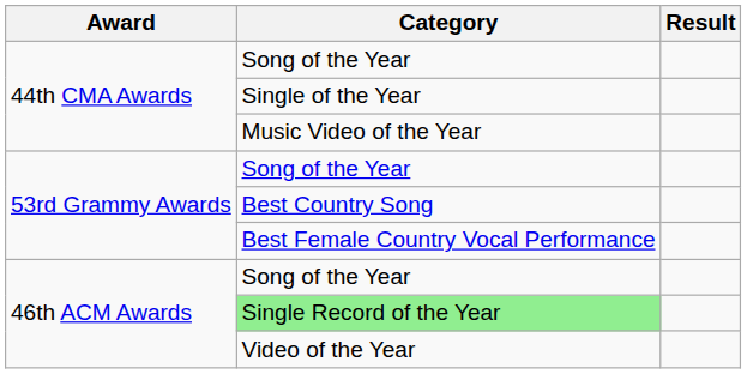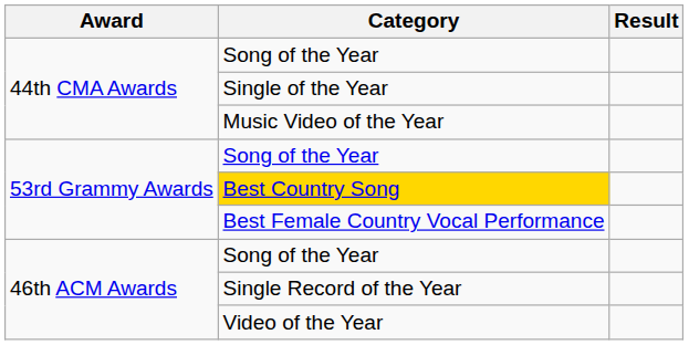 <table class="wikitable">
 <tr>
 <th>Award</th>
 <th>Category</th>
 <th>Result</th>
 </tr>
 <tr>
 <td rowspan="3">44th <a href='#'>CMA Awards</a></td>
 <td>Song of the Year</td>
 <td></td>
 </tr>
 <tr>
 <td>Single of the Year</td>
 <td></td>
 </tr>
 <tr>
 <td>Music Video of the Year</td>
 <td></td>
 </tr>
 <tr>
 <td rowspan="3"><a href='#'>53rd Grammy Awards</a></td>
 <td><a href='#'>Song of the Year</a></td>
 <td></td>
 </tr>
 <tr>
-<td><a href='#'>Best Country Song</a></td>
+<td style="background: gold;"><a href='#'>Best Country Song</a></td>
 <td></td>
 </tr>
 <tr>
 <td><a href='#'>Best Female Country Vocal Performance</a></td>
 <td></td>
 </tr>
 <tr>
 <td rowspan="3">46th <a href='#'>ACM Awards</a></td>
 <td>Song of the Year</td>
 <td></td>
 </tr>
 <tr>
-<td style="background: lightgreen;">Single Record of the Year</td>
+<td>Single Record of the Year</td>
 <td></td>
 </tr>
 <tr>
 <td>Video of the Year</td>
 <td></td>
 </tr>
 </table>
